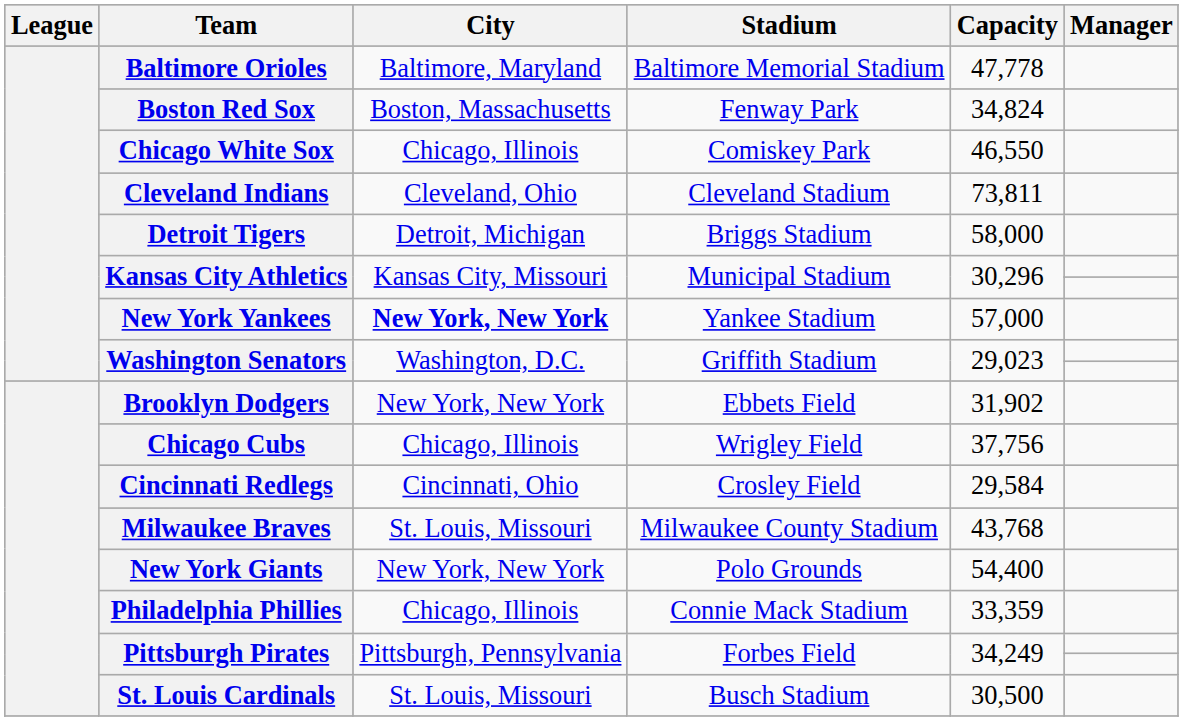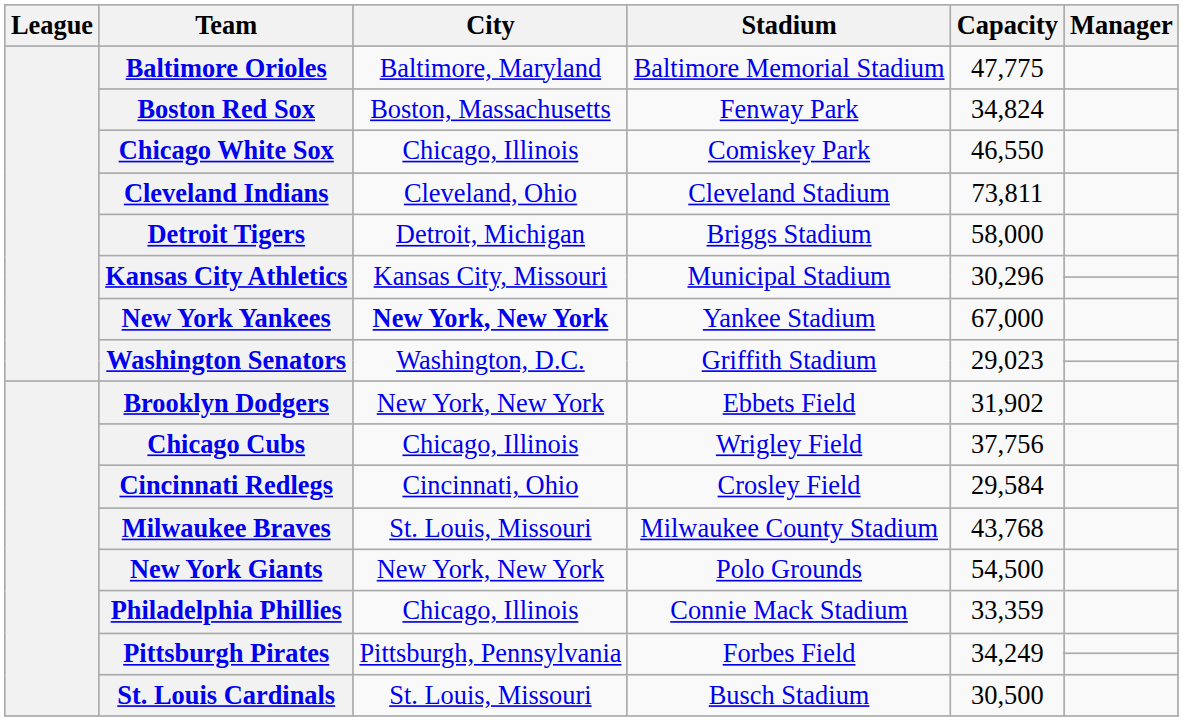 <table class="wikitable sortable plainrowheaders" style="text-align:center;">
 <tr>
 <th scope="col">League</th>
 <th scope="col">Team</th>
 <th scope="col">City</th>
 <th scope="col">Stadium</th>
 <th scope="col">Capacity</th>
 <th scope="col">Manager</th>
 </tr>
 <tr>
 <th rowspan="10"></th>
 <th scope="row"><a href='#'>Baltimore Orioles</a></th>
 <td><a href='#'>Baltimore, Maryland</a></td>
 <td><a href='#'>Baltimore Memorial Stadium</a></td>
-<td>47,778</td>
+<td>47,775</td>
 <td></td>
 </tr>
 <tr>
 <th scope="row"><a href='#'>Boston Red Sox</a></th>
 <td><a href='#'>Boston, Massachusetts</a></td>
 <td><a href='#'>Fenway Park</a></td>
 <td>34,824</td>
 <td></td>
 </tr>
 <tr>
 <th scope="row"><a href='#'>Chicago White Sox</a></th>
 <td><a href='#'>Chicago, Illinois</a></td>
 <td><a href='#'>Comiskey Park</a></td>
 <td>46,550</td>
 <td></td>
 </tr>
 <tr>
 <th scope="row"><a href='#'>Cleveland Indians</a></th>
 <td><a href='#'>Cleveland, Ohio</a></td>
 <td><a href='#'>Cleveland Stadium</a></td>
 <td>73,811</td>
 <td></td>
 </tr>
 <tr>
 <th scope="row"><a href='#'>Detroit Tigers</a></th>
 <td><a href='#'>Detroit, Michigan</a></td>
 <td><a href='#'>Briggs Stadium</a></td>
 <td>58,000</td>
 <td></td>
 </tr>
 <tr>
 <th rowspan="2" scope="row"><a href='#'>Kansas City Athletics</a></th>
 <td rowspan="2"><a href='#'>Kansas City, Missouri</a></td>
 <td rowspan="2"><a href='#'>Municipal Stadium</a></td>
 <td rowspan="2">30,296</td>
 <td></td>
 </tr>
 <tr>
 <td></td>
 </tr>
 <tr>
 <th scope="row"><a href='#'>New York Yankees</a></th>
 <td><strong><a href='#'>New York, New York</a></strong></td>
 <td><a href='#'>Yankee Stadium</a></td>
-<td>57,000</td>
+<td>67,000</td>
 <td></td>
 </tr>
 <tr>
 <th rowspan="2" scope="row"><a href='#'>Washington Senators</a></th>
 <td rowspan="2"><a href='#'>Washington, D.C.</a></td>
 <td rowspan="2"><a href='#'>Griffith Stadium</a></td>
 <td rowspan="2">29,023</td>
 <td></td>
 </tr>
 <tr>
 <td></td>
 </tr>
 <tr>
 <th rowspan="9"></th>
 <th scope="row"><a href='#'>Brooklyn Dodgers</a></th>
 <td><a href='#'>New York, New York</a></td>
 <td><a href='#'>Ebbets Field</a></td>
 <td>31,902</td>
 <td></td>
 </tr>
 <tr>
 <th scope="row"><a href='#'>Chicago Cubs</a></th>
 <td><a href='#'>Chicago, Illinois</a></td>
 <td><a href='#'>Wrigley Field</a></td>
 <td>37,756</td>
 <td></td>
 </tr>
 <tr>
 <th scope="row"><a href='#'>Cincinnati Redlegs</a></th>
 <td><a href='#'>Cincinnati, Ohio</a></td>
 <td><a href='#'>Crosley Field</a></td>
 <td>29,584</td>
 <td></td>
 </tr>
 <tr>
 <th scope="row"><a href='#'>Milwaukee Braves</a></th>
 <td><a href='#'>St. Louis, Missouri</a></td>
 <td><a href='#'>Milwaukee County Stadium</a></td>
 <td>43,768</td>
 <td></td>
 </tr>
 <tr>
 <th scope="row"><a href='#'>New York Giants</a></th>
 <td><a href='#'>New York, New York</a></td>
 <td><a href='#'>Polo Grounds</a></td>
-<td>54,400</td>
+<td>54,500</td>
 <td></td>
 </tr>
 <tr>
 <th scope="row"><a href='#'>Philadelphia Phillies</a></th>
 <td><a href='#'>Chicago, Illinois</a></td>
 <td><a href='#'>Connie Mack Stadium</a></td>
 <td>33,359</td>
 <td></td>
 </tr>
 <tr>
 <th rowspan="2" scope="row"><a href='#'>Pittsburgh Pirates</a></th>
 <td rowspan="2"><a href='#'>Pittsburgh, Pennsylvania</a></td>
 <td rowspan="2"><a href='#'>Forbes Field</a></td>
 <td rowspan="2">34,249</td>
 <td></td>
 </tr>
 <tr>
 <td></td>
 </tr>
 <tr>
 <th scope="row"><a href='#'>St. Louis Cardinals</a></th>
 <td><a href='#'>St. Louis, Missouri</a></td>
 <td><a href='#'>Busch Stadium</a></td>
 <td>30,500</td>
 <td></td>
 </tr>
 </table>
